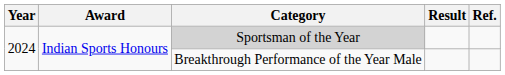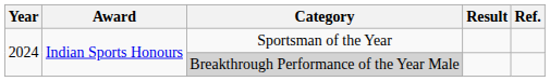 <table class="wikitable" style="text-align:center;">
 <tr>
 <th>Year</th>
 <th>Award</th>
 <th>Category</th>
 <th>Result</th>
 <th>Ref.</th>
 </tr>
 <tr>
 <td rowspan=2>2024</td>
 <td rowspan=2><a href='#'>Indian Sports Honours</a></td>
-<td style="background: lightgrey;">Sportsman of the Year</td>
+<td>Sportsman of the Year</td>
 <td></td>
 <td></td>
 </tr>
 <tr>
-<td>Breakthrough Performance of the Year Male</td>
+<td style="background: lightgrey;">Breakthrough Performance of the Year Male</td>
 <td></td>
 <td></td>
 </tr>
 </table>
